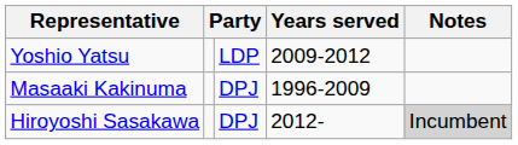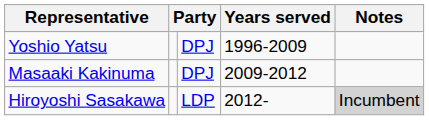 <table class="wikitable">
 <tr>
 <th>Representative</th>
 <th colspan="2">Party</th>
 <th>Years served</th>
 <th>Notes</th>
 </tr>
 <tr>
 <td><a href='#'>Yoshio Yatsu</a></td>
 <td style="background-color:"></td>
-<td><a href='#'>LDP</a></td>
-<td>2009-2012</td>
+<td><a href='#'>DPJ</a></td>
+<td>1996-2009</td>
 <td></td>
 </tr>
 <tr>
 <td><a href='#'>Masaaki Kakinuma</a></td>
 <td style="background:"></td>
 <td><a href='#'>DPJ</a></td>
-<td>1996-2009</td>
+<td>2009-2012</td>
 <td></td>
 </tr>
 <tr>
 <td><a href='#'>Hiroyoshi Sasakawa</a></td>
 <td style="background:"></td>
-<td><a href='#'>DPJ</a></td>
+<td><a href='#'>LDP</a></td>
 <td>2012-</td>
 <td style="background: lightgrey;">Incumbent</td>
 </tr>
 </table>
